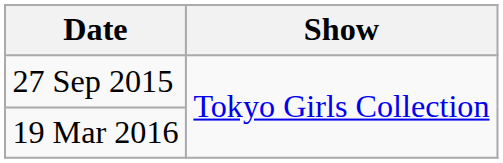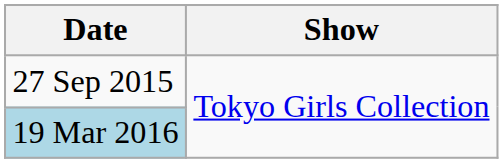 <table class="wikitable">
 <tr>
 <th>Date</th>
 <th>Show</th>
 </tr>
 <tr>
 <td>27 Sep 2015</td>
 <td rowspan="2"><a href='#'>Tokyo Girls Collection</a></td>
 </tr>
 <tr>
-<td>19 Mar 2016</td>
+<td style="background: lightblue;">19 Mar 2016</td>
 </tr>
 </table>
